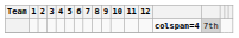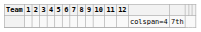 <table class="wikitable" style="font-size:85%; text-align:center;">
 <tr>
 <th>Team</th>
 <th>1</th>
 <th>2</th>
 <th>3</th>
 <th>4</th>
 <th>5</th>
 <th>6</th>
 <th>7</th>
 <th>8</th>
 <th>9</th>
 <th>10</th>
 <th>11</th>
 <th>12</th>
 <th></th>
 <th></th>
 <th></th>
 <th></th>
 <th></th>
 </tr>
 <tr>
 <th align="left"></th>
 <td></td>
 <td></td>
 <td></td>
 <td></td>
 <td></td>
 <td></td>
 <td></td>
 <td></td>
 <td></td>
 <td></td>
 <td></td>
 <td></td>
-<td><strong>colspan=4 </strong></td>
-<td style="background: lightgrey;">7th</td>
+<td>colspan=4 </td>
+<td>7th</td>
 </tr>
 <tr>
 </tr>
 </table>
